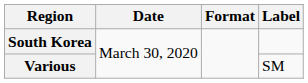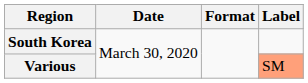 <table class="wikitable plainrowheaders">
 <tr>
 <th scope="col">Region</th>
 <th scope="col">Date</th>
 <th scope="col">Format</th>
 <th scope="col">Label</th>
 </tr>
 <tr>
 <th scope="row">South Korea</th>
 <td rowspan="2">March 30, 2020</td>
 <td rowspan="2"></td>
 <td></td>
 </tr>
 <tr>
 <th scope="row">Various</th>
-<td>SM</td>
+<td style="background: lightsalmon;">SM</td>
 </tr>
 </table>
